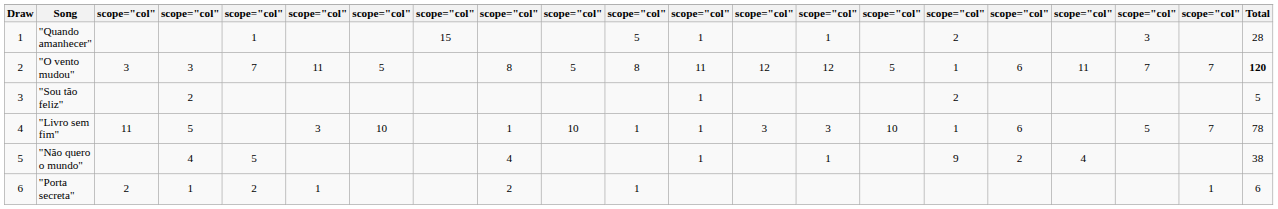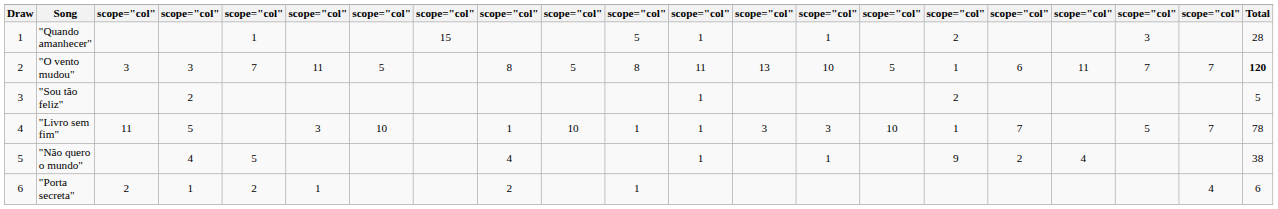 <table class="wikitable plainrowheaders" style="margin: 1em auto 1em auto; text-align:center;">
 <tr>
 </tr>
 <tr>
 <th scope="col">Draw</th>
 <th scope="col">Song</th>
 <th>scope="col" </th>
 <th>scope="col" </th>
 <th>scope="col" </th>
 <th>scope="col" </th>
 <th>scope="col" </th>
 <th>scope="col" </th>
 <th>scope="col" </th>
 <th>scope="col" </th>
 <th>scope="col" </th>
 <th>scope="col" </th>
 <th>scope="col" </th>
 <th>scope="col" </th>
 <th>scope="col" </th>
 <th>scope="col" </th>
 <th>scope="col" </th>
 <th>scope="col" </th>
 <th>scope="col" </th>
 <th>scope="col" </th>
 <th scope="col">Total</th>
 </tr>
 <tr>
 <td>1</td>
 <td align="left">"Quando amanhecer"</td>
 <td></td>
 <td></td>
 <td>1</td>
 <td></td>
 <td></td>
 <td>15</td>
 <td></td>
 <td></td>
 <td>5</td>
 <td>1</td>
 <td></td>
 <td>1</td>
 <td></td>
 <td>2</td>
 <td></td>
 <td></td>
 <td>3</td>
 <td></td>
 <td>28</td>
 </tr>
 <tr>
 <td>2</td>
 <td align="left">"O vento mudou"</td>
 <td>3</td>
 <td>3</td>
 <td>7</td>
 <td>11</td>
 <td>5</td>
 <td></td>
 <td>8</td>
 <td>5</td>
 <td>8</td>
 <td>11</td>
-<td>12</td>
-<td>12</td>
+<td>13</td>
+<td>10</td>
 <td>5</td>
 <td>1</td>
 <td>6</td>
 <td>11</td>
 <td>7</td>
 <td>7</td>
 <td><strong>120</strong></td>
 </tr>
 <tr>
 <td>3</td>
 <td align="left">"Sou tão feliz"</td>
 <td></td>
 <td>2</td>
 <td></td>
 <td></td>
 <td></td>
 <td></td>
 <td></td>
 <td></td>
 <td></td>
 <td>1</td>
 <td></td>
 <td></td>
 <td></td>
 <td>2</td>
 <td></td>
 <td></td>
 <td></td>
 <td></td>
 <td>5</td>
 </tr>
 <tr>
 <td>4</td>
 <td align="left">"Livro sem fim"</td>
 <td>11</td>
 <td>5</td>
 <td></td>
 <td>3</td>
 <td>10</td>
 <td></td>
 <td>1</td>
 <td>10</td>
 <td>1</td>
 <td>1</td>
 <td>3</td>
 <td>3</td>
 <td>10</td>
 <td>1</td>
-<td>6</td>
+<td>7</td>
 <td></td>
 <td>5</td>
 <td>7</td>
 <td>78</td>
 </tr>
 <tr>
 <td>5</td>
 <td align="left">"Não quero o mundo"</td>
 <td></td>
 <td>4</td>
 <td>5</td>
 <td></td>
 <td></td>
 <td></td>
 <td>4</td>
 <td></td>
 <td></td>
 <td>1</td>
 <td></td>
 <td>1</td>
 <td></td>
 <td>9</td>
 <td>2</td>
 <td>4</td>
 <td></td>
 <td></td>
 <td>38</td>
 </tr>
 <tr>
 <td>6</td>
 <td align="left">"Porta secreta"</td>
 <td>2</td>
 <td>1</td>
 <td>2</td>
 <td>1</td>
 <td></td>
 <td></td>
 <td>2</td>
 <td></td>
 <td>1</td>
 <td></td>
 <td></td>
 <td></td>
 <td></td>
 <td></td>
 <td></td>
 <td></td>
 <td></td>
-<td>1</td>
+<td>4</td>
 <td>6</td>
 </tr>
 </table>
